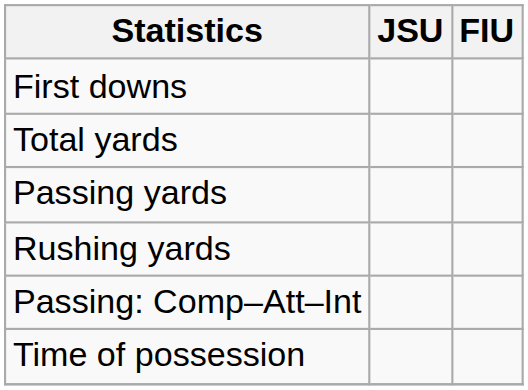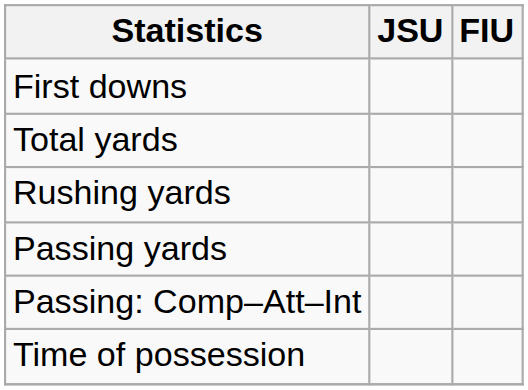 <table class="wikitable" style="float: left;">
 <tr>
 <th>Statistics</th>
 <th>JSU</th>
 <th>FIU</th>
 </tr>
 <tr>
 <td>First downs</td>
 <td></td>
 <td></td>
 </tr>
 <tr>
 <td>Total yards</td>
 <td></td>
 <td></td>
 </tr>
 <tr>
-<td>Passing yards</td>
+<td>Rushing yards</td>
 <td></td>
 <td></td>
 </tr>
 <tr>
-<td>Rushing yards</td>
+<td>Passing yards</td>
 <td></td>
 <td></td>
 </tr>
 <tr>
 <td>Passing: Comp–Att–Int</td>
 <td></td>
 <td></td>
 </tr>
 <tr>
 <td>Time of possession</td>
 <td></td>
 <td></td>
 </tr>
 <tr>
 </tr>
 </table>
